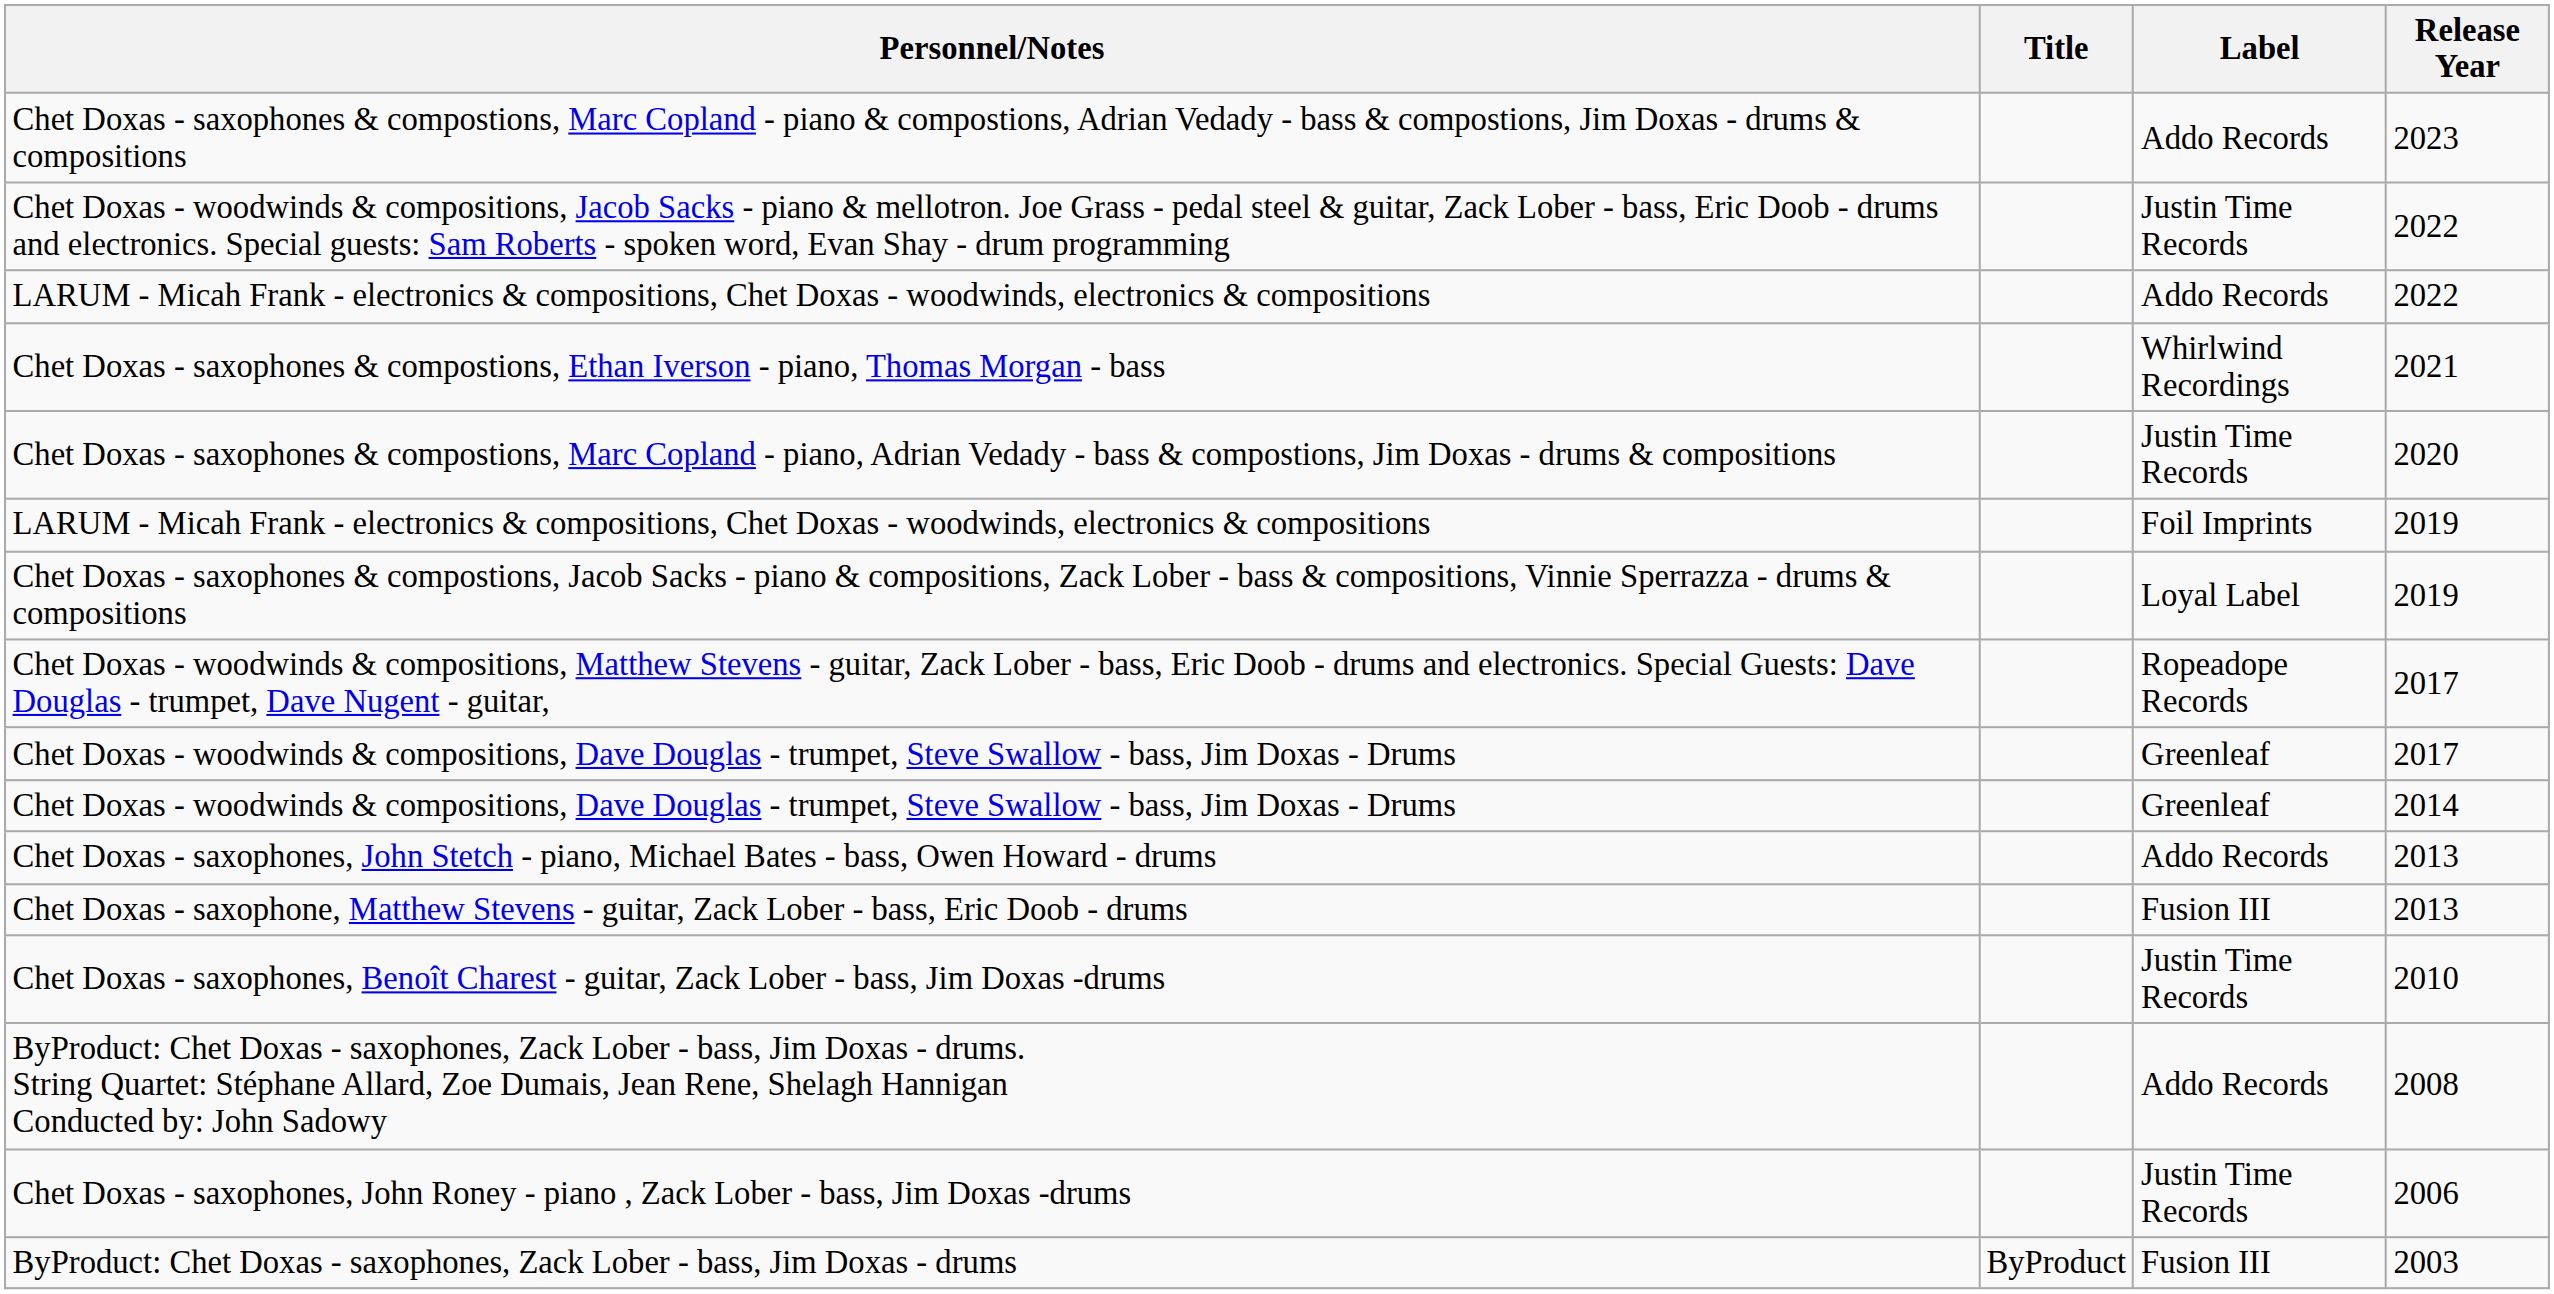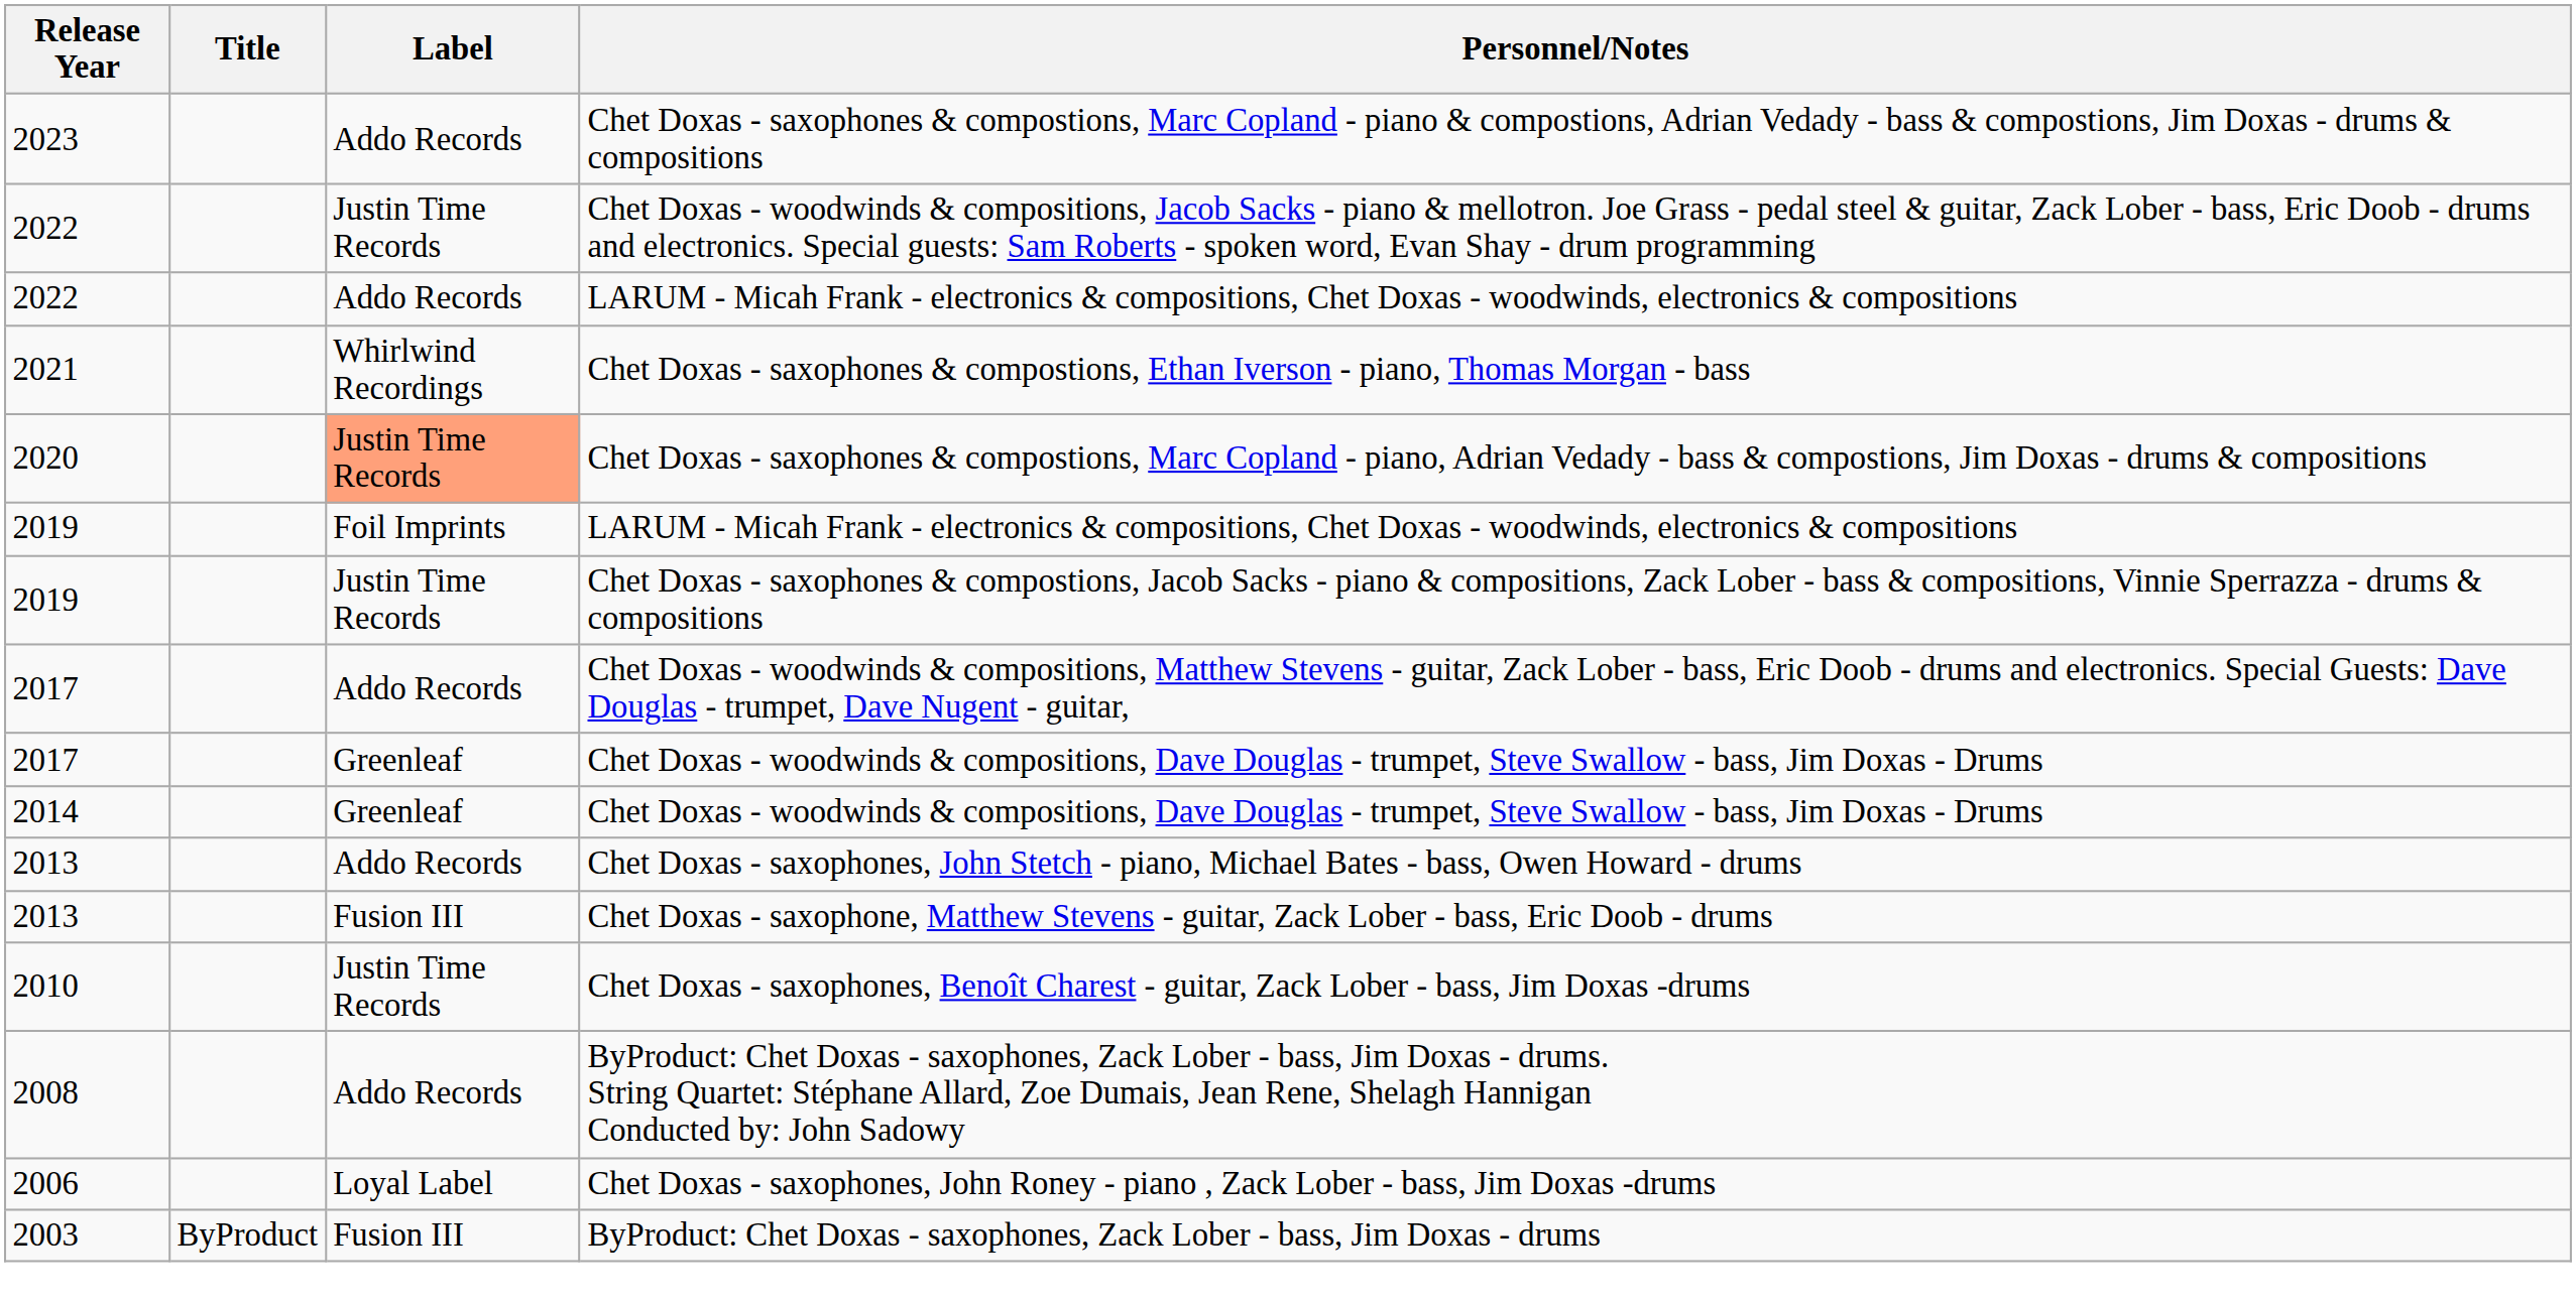 <table class="wikitable sortable">
 <tr>
-<th>Personnel/Notes</th>
+<th>Release Year</th>
 <th>Title</th>
 <th>Label</th>
-<th>Release Year</th>
+<th>Personnel/Notes</th>
 </tr>
 <tr>
-<td>Chet Doxas - saxophones & compostions, <a href='#'>Marc Copland</a> - piano & compostions, Adrian Vedady - bass & compostions, Jim Doxas - drums & compositions</td>
+<td>2023</td>
 <td></td>
 <td>Addo Records</td>
-<td>2023</td>
+<td>Chet Doxas - saxophones & compostions, <a href='#'>Marc Copland</a> - piano & compostions, Adrian Vedady - bass & compostions, Jim Doxas - drums & compositions</td>
 </tr>
 <tr>
-<td>Chet Doxas - woodwinds & compositions, <a href='#'>Jacob Sacks</a> - piano & mellotron. Joe Grass - pedal steel & guitar, Zack Lober - bass, Eric Doob - drums and electronics. Special guests: <a href='#'>Sam Roberts</a> - spoken word, Evan Shay - drum programming</td>
+<td>2022</td>
 <td></td>
 <td>Justin Time Records</td>
-<td>2022</td>
+<td>Chet Doxas - woodwinds & compositions, <a href='#'>Jacob Sacks</a> - piano & mellotron. Joe Grass - pedal steel & guitar, Zack Lober - bass, Eric Doob - drums and electronics. Special guests: <a href='#'>Sam Roberts</a> - spoken word, Evan Shay - drum programming</td>
 </tr>
 <tr>
-<td>LARUM - Micah Frank - electronics & compositions, Chet Doxas - woodwinds, electronics & compositions</td>
+<td>2022</td>
 <td></td>
 <td>Addo Records</td>
-<td>2022</td>
+<td>LARUM - Micah Frank - electronics & compositions, Chet Doxas - woodwinds, electronics & compositions</td>
 </tr>
 <tr>
-<td>Chet Doxas - saxophones & compostions, <a href='#'>Ethan Iverson</a> - piano, <a href='#'>Thomas Morgan</a> - bass</td>
+<td>2021</td>
 <td></td>
 <td>Whirlwind Recordings</td>
-<td>2021</td>
+<td>Chet Doxas - saxophones & compostions, <a href='#'>Ethan Iverson</a> - piano, <a href='#'>Thomas Morgan</a> - bass</td>
 </tr>
 <tr>
+<td>2020</td>
+<td></td>
+<td style="background: lightsalmon;">Justin Time Records</td>
 <td>Chet Doxas - saxophones & compostions, <a href='#'>Marc Copland</a> - piano, Adrian Vedady - bass & compostions, Jim Doxas - drums & compositions</td>
+</tr>
+<tr>
+<td>2019</td>
+<td></td>
+<td>Foil Imprints</td>
+<td>LARUM - Micah Frank - electronics & compositions, Chet Doxas - woodwinds, electronics & compositions</td>
+</tr>
+<tr>
+<td>2019</td>
 <td></td>
 <td>Justin Time Records</td>
-<td>2020</td>
+<td>Chet Doxas - saxophones & compostions, Jacob Sacks  - piano & compositions, Zack Lober - bass & compositions, Vinnie Sperrazza - drums & compositions</td>
 </tr>
 <tr>
-<td>LARUM - Micah Frank - electronics & compositions, Chet Doxas - woodwinds, electronics & compositions</td>
+<td>2017</td>
 <td></td>
-<td>Foil Imprints</td>
-<td>2019</td>
+<td>Addo Records</td>
+<td>Chet Doxas - woodwinds & compositions, <a href='#'>Matthew Stevens</a> - guitar, Zack Lober - bass, Eric Doob - drums and electronics. Special Guests: <a href='#'>Dave Douglas</a> - trumpet, <a href='#'>Dave Nugent</a> - guitar,</td>
 </tr>
 <tr>
-<td>Chet Doxas - saxophones & compostions, Jacob Sacks  - piano & compositions, Zack Lober - bass & compositions, Vinnie Sperrazza - drums & compositions</td>
+<td>2017</td>
+<td></td>
+<td>Greenleaf</td>
+<td>Chet Doxas - woodwinds & compositions, <a href='#'>Dave Douglas</a> - trumpet, <a href='#'>Steve Swallow</a> - bass, Jim Doxas - Drums</td>
+</tr>
+<tr>
+<td>2014</td>
+<td></td>
+<td>Greenleaf</td>
+<td>Chet Doxas - woodwinds & compositions, <a href='#'>Dave Douglas</a> - trumpet, <a href='#'>Steve Swallow</a> - bass, Jim Doxas - Drums</td>
+</tr>
+<tr>
+<td>2013</td>
+<td></td>
+<td>Addo Records</td>
+<td>Chet Doxas - saxophones, <a href='#'>John Stetch</a> - piano, Michael Bates - bass, Owen Howard - drums</td>
+</tr>
+<tr>
+<td>2013</td>
+<td></td>
+<td>Fusion III</td>
+<td>Chet Doxas - saxophone, <a href='#'>Matthew Stevens</a> - guitar, Zack Lober - bass, Eric Doob - drums</td>
+</tr>
+<tr>
+<td>2010</td>
+<td></td>
+<td>Justin Time Records</td>
+<td>Chet Doxas - saxophones, <a href='#'>Benoît Charest</a> - guitar, Zack Lober - bass, Jim Doxas -drums</td>
+</tr>
+<tr>
+<td>2008</td>
+<td></td>
+<td>Addo Records</td>
+<td>ByProduct: Chet Doxas - saxophones, Zack Lober - bass, Jim Doxas - drums.<br>String Quartet: Stéphane Allard, Zoe Dumais, Jean Rene, Shelagh Hannigan<br>Conducted by: John Sadowy</td>
+</tr>
+<tr>
+<td>2006</td>
 <td></td>
 <td>Loyal Label</td>
-<td>2019</td>
+<td>Chet Doxas - saxophones, John Roney - piano , Zack Lober - bass, Jim Doxas -drums</td>
 </tr>
 <tr>
-<td>Chet Doxas - woodwinds & compositions, <a href='#'>Matthew Stevens</a> - guitar, Zack Lober - bass, Eric Doob - drums and electronics. Special Guests: <a href='#'>Dave Douglas</a> - trumpet, <a href='#'>Dave Nugent</a> - guitar,</td>
-<td></td>
-<td>Ropeadope Records</td>
-<td>2017</td>
-</tr>
-<tr>
-<td>Chet Doxas - woodwinds & compositions, <a href='#'>Dave Douglas</a> - trumpet, <a href='#'>Steve Swallow</a> - bass, Jim Doxas - Drums</td>
-<td></td>
-<td>Greenleaf</td>
-<td>2017</td>
-</tr>
-<tr>
-<td>Chet Doxas - woodwinds & compositions, <a href='#'>Dave Douglas</a> - trumpet, <a href='#'>Steve Swallow</a> - bass, Jim Doxas - Drums</td>
-<td></td>
-<td>Greenleaf</td>
-<td>2014</td>
-</tr>
-<tr>
-<td>Chet Doxas - saxophones, <a href='#'>John Stetch</a> - piano, Michael Bates - bass, Owen Howard - drums</td>
-<td></td>
-<td>Addo Records</td>
-<td>2013</td>
-</tr>
-<tr>
-<td>Chet Doxas - saxophone, <a href='#'>Matthew Stevens</a> - guitar, Zack Lober - bass, Eric Doob - drums</td>
-<td></td>
-<td>Fusion III</td>
-<td>2013</td>
-</tr>
-<tr>
-<td>Chet Doxas - saxophones, <a href='#'>Benoît Charest</a> - guitar, Zack Lober - bass, Jim Doxas -drums</td>
-<td></td>
-<td>Justin Time Records</td>
-<td>2010</td>
-</tr>
-<tr>
-<td>ByProduct: Chet Doxas - saxophones, Zack Lober - bass, Jim Doxas - drums.<br>String Quartet: Stéphane Allard, Zoe Dumais, Jean Rene, Shelagh Hannigan<br>Conducted by: John Sadowy</td>
-<td></td>
-<td>Addo Records</td>
-<td>2008</td>
-</tr>
-<tr>
-<td>Chet Doxas - saxophones, John Roney - piano , Zack Lober - bass, Jim Doxas -drums</td>
-<td></td>
-<td>Justin Time Records</td>
-<td>2006</td>
-</tr>
-<tr>
-<td>ByProduct: Chet Doxas - saxophones, Zack Lober - bass, Jim Doxas - drums</td>
+<td>2003</td>
 <td>ByProduct</td>
 <td>Fusion III</td>
-<td>2003</td>
+<td>ByProduct: Chet Doxas - saxophones, Zack Lober - bass, Jim Doxas - drums</td>
 </tr>
 </table>
